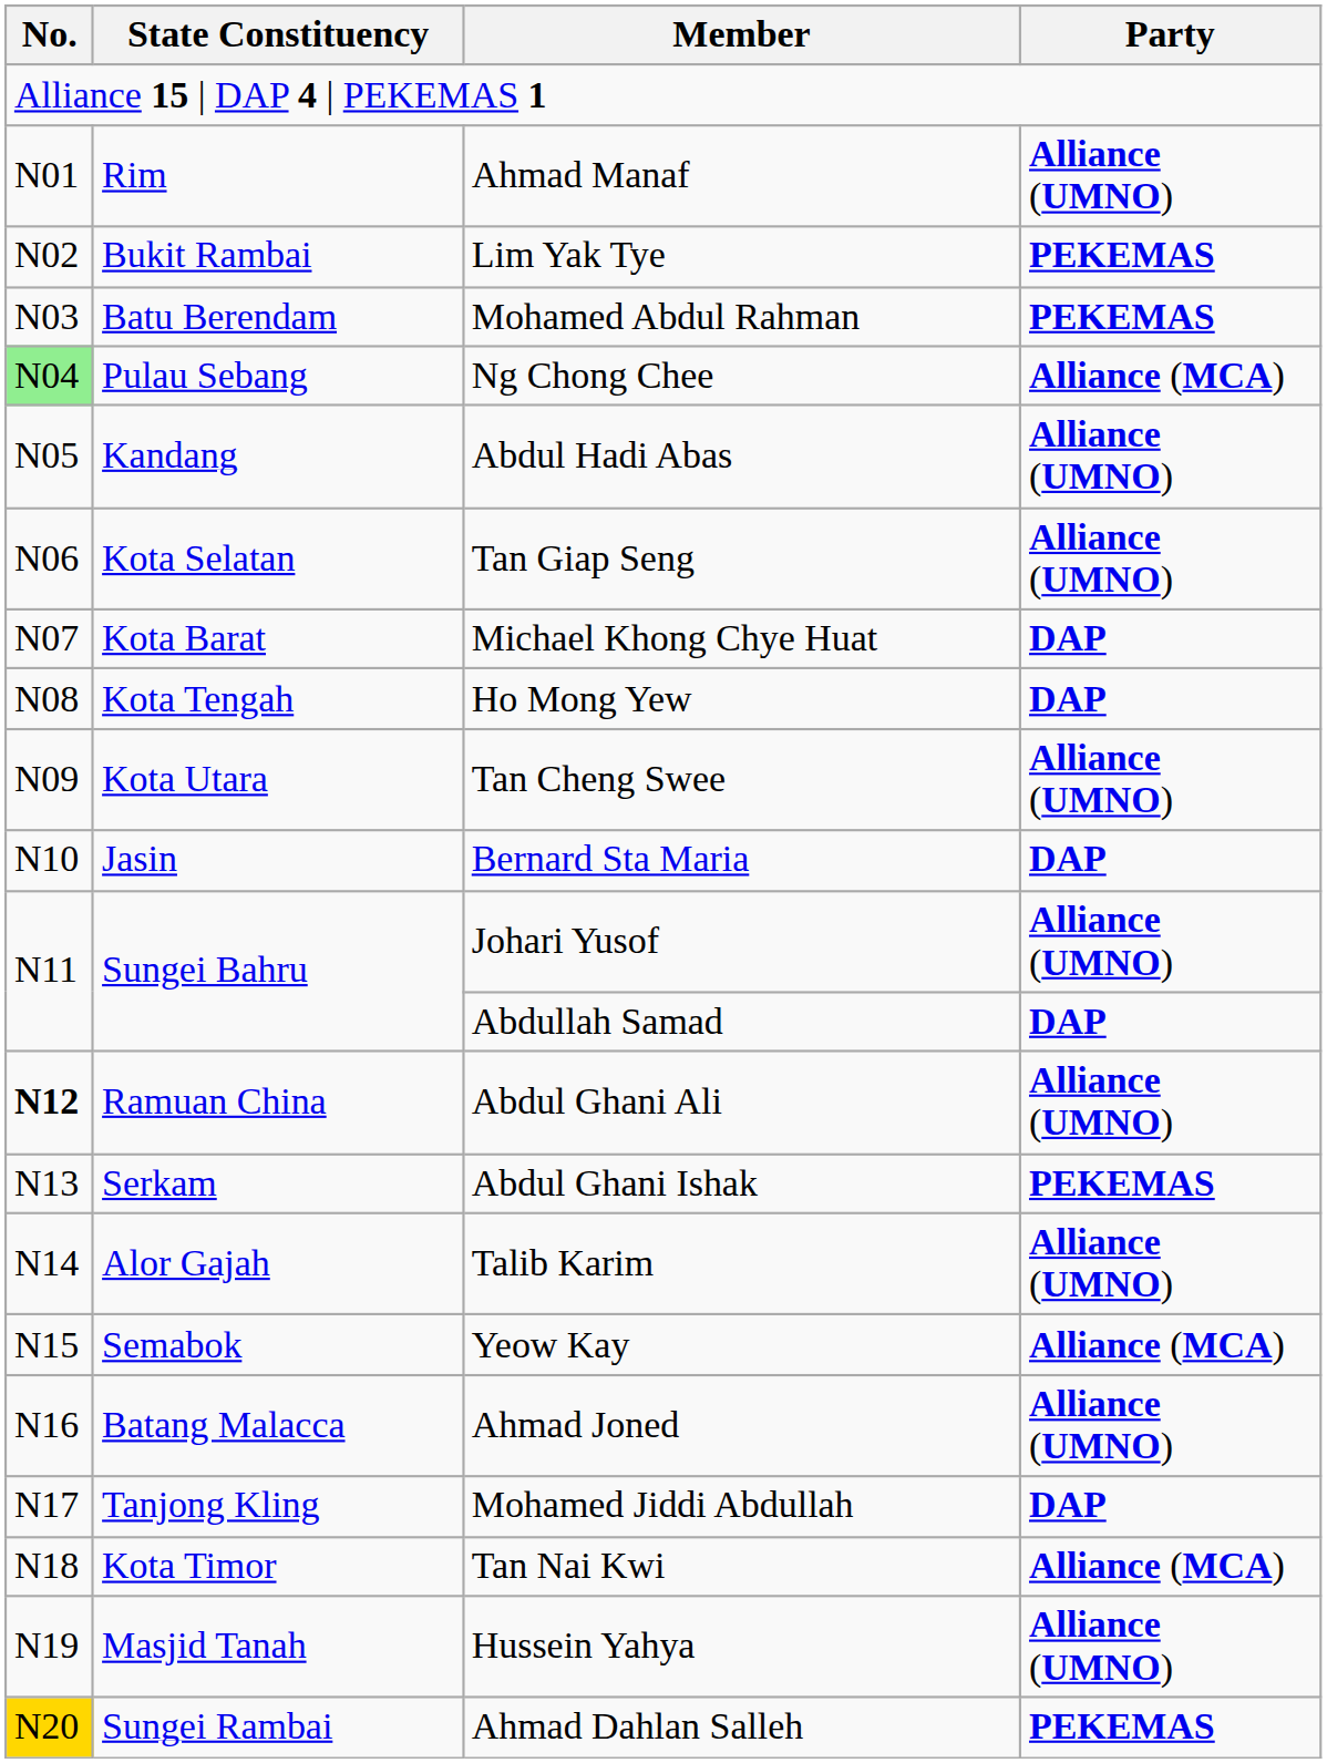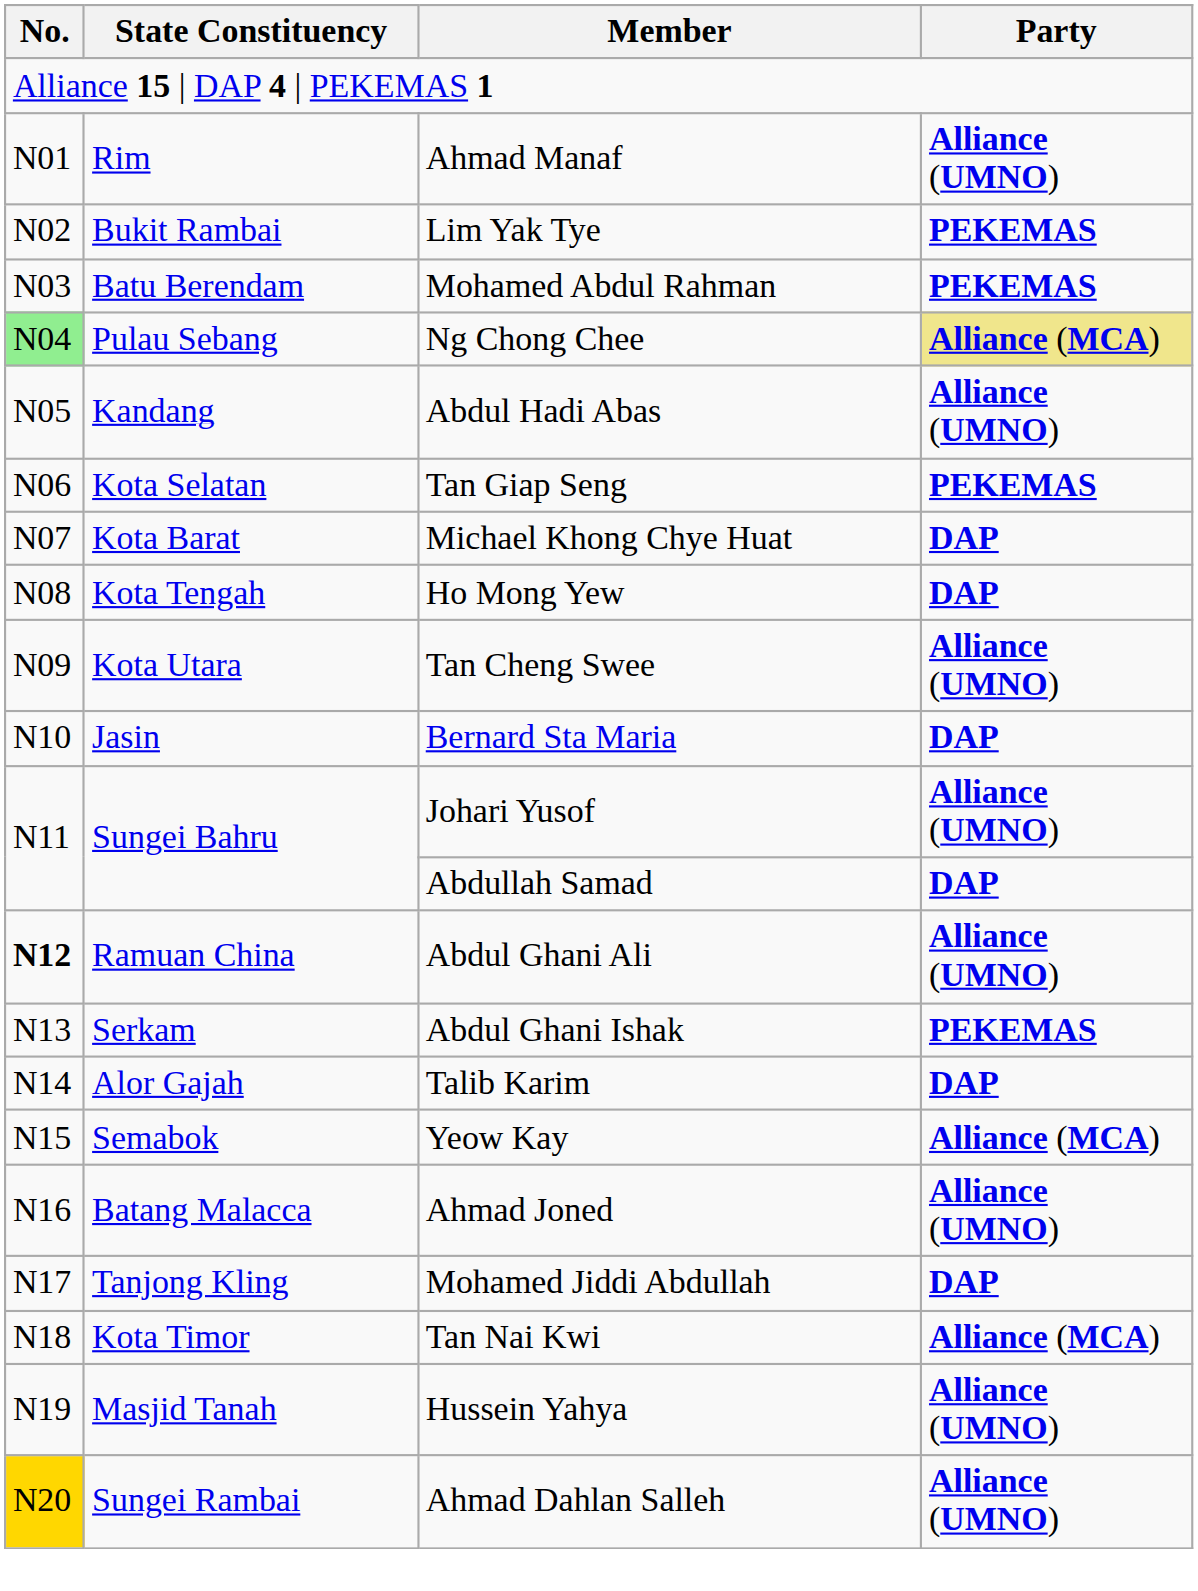 <table class="wikitable sortable">
 <tr>
 <th style="width:30px;">No.</th>
 <th style="width:150px;">State Constituency</th>
 <th style="width:230px;">Member</th>
 <th style="width:120px;">Party</th>
 </tr>
 <tr>
 <td colspan="4"><a href='#'>Alliance</a> <strong>15</strong> | <a href='#'>DAP</a> <strong>4</strong> | <a href='#'>PEKEMAS</a> <strong>1</strong></td>
 </tr>
 <tr>
 <td>N01</td>
 <td><a href='#'>Rim</a></td>
 <td>Ahmad Manaf</td>
 <td><strong><a href='#'>Alliance</a></strong> (<strong><a href='#'>UMNO</a></strong>)</td>
 </tr>
 <tr>
 <td>N02</td>
 <td><a href='#'>Bukit Rambai</a></td>
 <td>Lim Yak Tye</td>
 <td><strong><a href='#'>PEKEMAS</a></strong></td>
 </tr>
 <tr>
 <td>N03</td>
 <td><a href='#'>Batu Berendam</a></td>
 <td>Mohamed Abdul Rahman</td>
 <td><strong><a href='#'>PEKEMAS</a></strong></td>
 </tr>
 <tr>
 <td style="background: lightgreen;">N04</td>
 <td><a href='#'>Pulau Sebang</a></td>
 <td>Ng Chong Chee</td>
-<td><strong><a href='#'>Alliance</a></strong> (<strong><a href='#'>MCA</a></strong>)</td>
+<td style="background: khaki;"><strong><a href='#'>Alliance</a></strong> (<strong><a href='#'>MCA</a></strong>)</td>
 </tr>
 <tr>
 <td>N05</td>
 <td><a href='#'>Kandang</a></td>
 <td>Abdul Hadi Abas</td>
 <td><strong><a href='#'>Alliance</a></strong> (<strong><a href='#'>UMNO</a></strong>)</td>
 </tr>
 <tr>
 <td>N06</td>
 <td><a href='#'>Kota Selatan</a></td>
 <td>Tan Giap Seng</td>
-<td><strong><a href='#'>Alliance</a></strong> (<strong><a href='#'>UMNO</a></strong>)</td>
+<td><strong><a href='#'>PEKEMAS</a></strong></td>
 </tr>
 <tr>
 <td>N07</td>
 <td><a href='#'>Kota Barat</a></td>
 <td>Michael Khong Chye Huat</td>
 <td><strong><a href='#'>DAP</a></strong></td>
 </tr>
 <tr>
 <td>N08</td>
 <td><a href='#'>Kota Tengah</a></td>
 <td>Ho Mong Yew</td>
 <td><strong><a href='#'>DAP</a></strong></td>
 </tr>
 <tr>
 <td>N09</td>
 <td><a href='#'>Kota Utara</a></td>
 <td>Tan Cheng Swee</td>
 <td><strong><a href='#'>Alliance</a></strong> (<strong><a href='#'>UMNO</a></strong>)</td>
 </tr>
 <tr>
 <td>N10</td>
 <td><a href='#'>Jasin</a></td>
 <td><a href='#'>Bernard Sta Maria</a></td>
 <td><strong><a href='#'>DAP</a></strong></td>
 </tr>
 <tr>
 <td rowspan=2>N11</td>
 <td rowspan=2><a href='#'>Sungei Bahru</a></td>
 <td>Johari Yusof </td>
 <td><strong><a href='#'>Alliance</a></strong> (<strong><a href='#'>UMNO</a></strong>)</td>
 </tr>
 <tr>
 <td>Abdullah Samad </td>
 <td><strong><a href='#'>DAP</a></strong></td>
 </tr>
 <tr>
 <td><strong>N12</strong></td>
 <td><a href='#'>Ramuan China</a></td>
 <td>Abdul Ghani Ali</td>
 <td><strong><a href='#'>Alliance</a></strong> (<strong><a href='#'>UMNO</a></strong>)</td>
 </tr>
 <tr>
 <td>N13</td>
 <td><a href='#'>Serkam</a></td>
 <td>Abdul Ghani Ishak</td>
 <td><strong><a href='#'>PEKEMAS</a></strong></td>
 </tr>
 <tr>
 <td>N14</td>
 <td><a href='#'>Alor Gajah</a></td>
 <td>Talib Karim</td>
-<td><strong><a href='#'>Alliance</a></strong> (<strong><a href='#'>UMNO</a></strong>)</td>
+<td><strong><a href='#'>DAP</a></strong></td>
 </tr>
 <tr>
 <td>N15</td>
 <td><a href='#'>Semabok</a></td>
 <td>Yeow Kay</td>
 <td><strong><a href='#'>Alliance</a></strong> (<strong><a href='#'>MCA</a></strong>)</td>
 </tr>
 <tr>
 <td>N16</td>
 <td><a href='#'>Batang Malacca</a></td>
 <td>Ahmad Joned</td>
 <td><strong><a href='#'>Alliance</a></strong> (<strong><a href='#'>UMNO</a></strong>)</td>
 </tr>
 <tr>
 <td>N17</td>
 <td><a href='#'>Tanjong Kling</a></td>
 <td>Mohamed Jiddi Abdullah</td>
 <td><strong><a href='#'>DAP</a></strong></td>
 </tr>
 <tr>
 <td>N18</td>
 <td><a href='#'>Kota Timor</a></td>
 <td>Tan Nai Kwi</td>
 <td><strong><a href='#'>Alliance</a></strong> (<strong><a href='#'>MCA</a></strong>)</td>
 </tr>
 <tr>
 <td>N19</td>
 <td><a href='#'>Masjid Tanah</a></td>
 <td>Hussein Yahya</td>
 <td><strong><a href='#'>Alliance</a></strong> (<strong><a href='#'>UMNO</a></strong>)</td>
 </tr>
 <tr>
 <td style="background: gold;">N20</td>
 <td><a href='#'>Sungei Rambai</a></td>
 <td>Ahmad Dahlan Salleh</td>
-<td><strong><a href='#'>PEKEMAS</a></strong></td>
+<td><strong><a href='#'>Alliance</a></strong> (<strong><a href='#'>UMNO</a></strong>)</td>
 </tr>
 </table>
